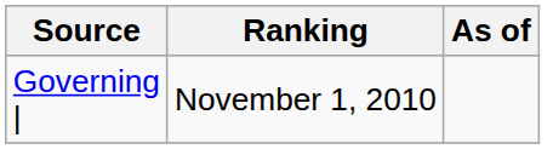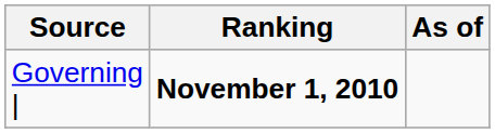 <table class="wikitable" style="text-align:center">
 <tr>
 <th>Source</th>
 <th>Ranking</th>
 <th>As of</th>
 </tr>
 <tr>
 <td align=left><a href='#'>Governing</a><br>| </td>
-<td>November 1, 2010</td>
+<td><strong>November 1, 2010</strong></td>
 </tr>
 </table>
